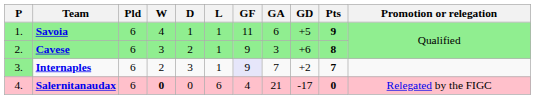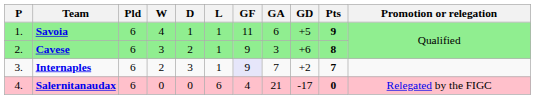 <table class="wikitable sortable" style="text-align: center;">
 <tr>
 <th width=33>P<br></th>
 <th>Team<br></th>
 <th width=33>Pld<br></th>
 <th width=33>W<br></th>
 <th width=33>D<br></th>
 <th width=33>L<br></th>
 <th width=33>GF<br></th>
 <th width=33>GA<br></th>
 <th width=33>GD<br></th>
 <th width=33>Pts<br></th>
 <th class="unsortable" width=250>Promotion or relegation<br></th>
 </tr>
 <tr style="background: #90EE90;">
 <td>1.</td>
 <td align="left"><strong><a href='#'>Savoia</a></strong></td>
 <td>6</td>
 <td>4</td>
 <td>1</td>
 <td>1</td>
 <td>11</td>
 <td>6</td>
 <td>+5</td>
 <td><strong>9</strong></td>
 <td rowspan="2">Qualified</td>
 </tr>
 <tr style="background: #90EE90;">
 <td>2.</td>
 <td align="left"><strong><a href='#'>Cavese</a></strong></td>
 <td>6</td>
 <td>3</td>
 <td>2</td>
 <td>1</td>
 <td>9</td>
 <td>3</td>
 <td>+6</td>
 <td><strong>8</strong></td>
 </tr>
 <tr>
-<td style="background: lightgreen;">3.</td>
+<td>3.</td>
 <td align="left"><strong><a href='#'>Internaples</a></strong></td>
 <td>6</td>
 <td>2</td>
 <td>3</td>
 <td>1</td>
 <td style="background: lavender;">9</td>
 <td>7</td>
 <td>+2</td>
 <td><strong>7</strong></td>
 </tr>
 <tr style="background: pink">
 <td>4.</td>
 <td align="left"><strong><a href='#'>Salernitanaudax</a></strong></td>
 <td>6</td>
-<td><strong>0</strong></td>
+<td>0</td>
 <td>0</td>
 <td>6</td>
 <td>4</td>
 <td>21</td>
 <td>-17</td>
 <td><strong>0</strong></td>
 <td><a href='#'>Relegated</a> by the FIGC</td>
 </tr>
 </table>
